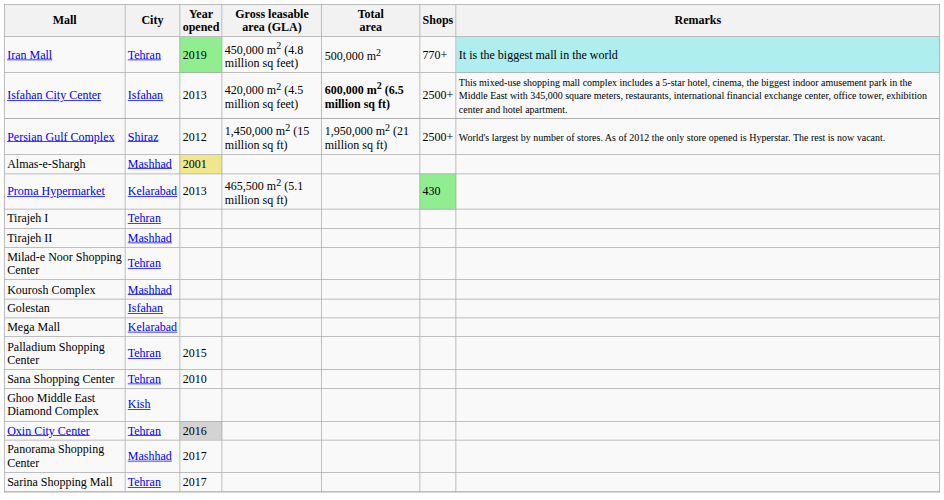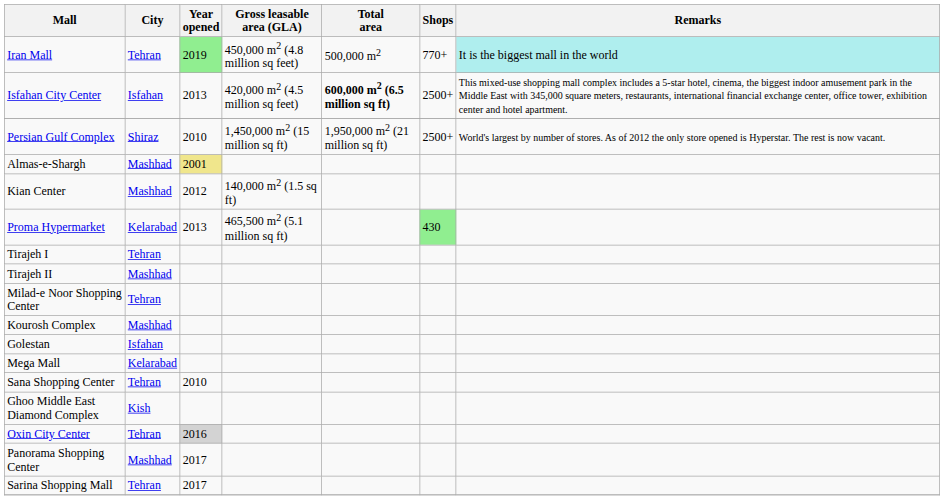 <table class="wikitable sortable">
 <tr>
 <th>Mall</th>
 <th>City</th>
 <th>Year<br>opened</th>
 <th>Gross leasable<br>area (GLA)</th>
 <th>Total<br>area</th>
 <th>Shops</th>
 <th class="unsortable">Remarks</th>
 </tr>
 <tr>
 <td><a href='#'>Iran Mall</a></td>
 <td><a href='#'>Tehran</a></td>
 <td style="background: lightgreen;">2019</td>
 <td>450,000 m<sup>2</sup> (4.8 million sq feet)</td>
 <td>500,000 m<sup>2</sup></td>
 <td>770+</td>
 <td style="background: paleturquoise;">It is the biggest mall in the world</td>
 </tr>
 <tr>
 <td><a href='#'>Isfahan City Center</a></td>
 <td><a href='#'>Isfahan</a></td>
 <td>2013</td>
 <td>420,000 m<sup>2</sup> (4.5 million sq feet)</td>
 <td><strong>600,000 m<sup>2</sup> (6.5 million sq ft)</strong></td>
 <td>2500+</td>
 <td><small>This mixed-use shopping mall complex includes a 5-star hotel, cinema, the biggest indoor amusement park in the Middle East with 345,000 square meters, restaurants, international financial exchange center, office tower, exhibition center and hotel apartment.</small></td>
 </tr>
 <tr>
 </tr>
 <tr>
 <td><a href='#'>Persian Gulf Complex</a></td>
 <td><a href='#'>Shiraz</a></td>
-<td>2012</td>
+<td>2010</td>
 <td>1,450,000 m<sup>2</sup> (15 million sq ft)</td>
 <td>1,950,000 m<sup>2</sup> (21 million sq ft)</td>
 <td>2500+</td>
 <td><small>World's largest by number of stores. As of 2012 the only store opened is Hyperstar. The rest is now vacant.</small></td>
 </tr>
 <tr>
 <td>Almas-e-Shargh</td>
 <td><a href='#'>Mashhad</a></td>
 <td style="background: khaki;">2001</td>
 <td></td>
+<td></td>
+<td></td>
+<td></td>
+</tr>
+<tr>
+<td>Kian Center</td>
+<td><a href='#'>Mashhad</a></td>
+<td>2012</td>
+<td>140,000 m<sup>2</sup> (1.5 sq ft)</td>
 <td></td>
 <td></td>
 <td></td>
 </tr>
 <tr>
 <td><a href='#'>Proma Hypermarket</a></td>
 <td><a href='#'>Kelarabad</a></td>
 <td>2013</td>
 <td>465,500 m<sup>2</sup> (5.1 million sq ft)</td>
 <td></td>
 <td style="background: lightgreen;">430</td>
 <td></td>
 </tr>
 <tr>
 <td>Tirajeh I</td>
 <td><a href='#'>Tehran</a></td>
 <td></td>
 <td></td>
 <td></td>
 <td></td>
 <td></td>
 </tr>
 <tr>
 <td>Tirajeh II</td>
 <td><a href='#'>Mashhad</a></td>
 <td></td>
 <td></td>
 <td></td>
 <td></td>
 <td></td>
 </tr>
 <tr>
 <td>Milad-e Noor Shopping Center</td>
 <td><a href='#'>Tehran</a></td>
 <td></td>
 <td></td>
 <td></td>
 <td></td>
 <td></td>
 </tr>
 <tr>
 <td>Kourosh Complex</td>
 <td><a href='#'>Mashhad</a></td>
 <td></td>
 <td></td>
 <td></td>
 <td></td>
 <td></td>
 </tr>
 <tr>
 <td>Golestan</td>
 <td><a href='#'>Isfahan</a></td>
 <td></td>
 <td></td>
 <td></td>
 <td></td>
 <td></td>
 </tr>
 <tr>
 <td>Mega Mall</td>
 <td><a href='#'>Kelarabad</a></td>
 <td></td>
 <td></td>
 <td></td>
 <td></td>
 <td></td>
 </tr>
 <tr>
-<td>Palladium Shopping Center</td>
-<td><a href='#'>Tehran</a></td>
-<td>2015</td>
-<td></td>
-<td></td>
-<td></td>
-<td></td>
-</tr>
-<tr>
 <td>Sana Shopping Center</td>
 <td><a href='#'>Tehran</a></td>
 <td>2010</td>
 <td></td>
 <td></td>
 <td></td>
 <td></td>
 </tr>
 <tr>
 <td>Ghoo Middle East Diamond Complex</td>
 <td><a href='#'>Kish</a></td>
 <td></td>
 <td></td>
 <td></td>
 <td></td>
 <td></td>
 </tr>
 <tr>
 <td><a href='#'>Oxin City Center</a></td>
 <td><a href='#'>Tehran</a></td>
 <td style="background: lightgrey;">2016</td>
 <td></td>
 <td></td>
 <td></td>
 <td></td>
 </tr>
 <tr>
 <td>Panorama Shopping Center</td>
 <td><a href='#'>Mashhad</a></td>
 <td>2017</td>
 <td></td>
 <td></td>
 <td></td>
 <td></td>
 </tr>
 <tr>
 <td>Sarina Shopping Mall</td>
 <td><a href='#'>Tehran</a></td>
 <td>2017</td>
 <td></td>
 <td></td>
 <td></td>
 <td></td>
 </tr>
 <tr>
 </tr>
 </table>
